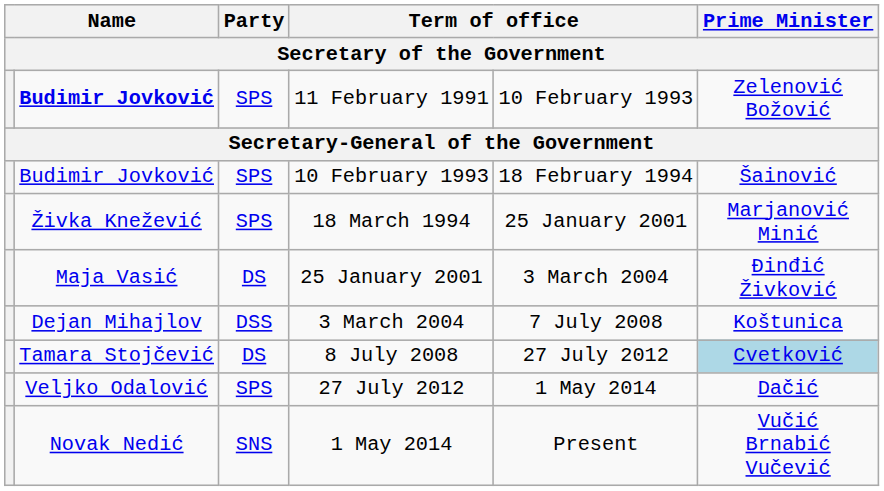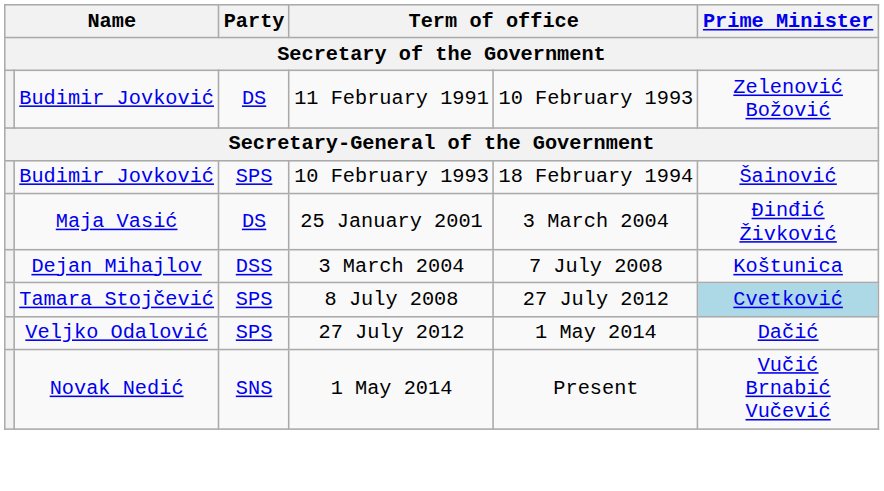 <table class="wikitable" style="text-align:center;">
 <tr>
 <th colspan=2>Name<br></th>
 <th>Party</th>
 <th colspan=2>Term of office</th>
 <th><a href='#'>Prime Minister</a><br></th>
 </tr>
 <tr>
 <th colspan=6>Secretary of the Government</th>
 </tr>
 <tr>
 <th style="background:"></th>
-<td><strong><a href='#'>Budimir Jovković</a><br></strong></td>
-<td><a href='#'>SPS</a></td>
+<td><a href='#'>Budimir Jovković</a><br></td>
+<td><a href='#'>DS</a></td>
 <td>11 February 1991</td>
 <td>10 February 1993</td>
 <td><a href='#'>Zelenović</a> <br><a href='#'>Božović</a> </td>
 </tr>
 <tr>
 <th colspan=6>Secretary-General of the Government</th>
 </tr>
 <tr>
 <th style="background:"></th>
 <td><a href='#'>Budimir Jovković</a><br></td>
 <td><a href='#'>SPS</a></td>
 <td>10 February 1993</td>
 <td>18 February 1994</td>
 <td><a href='#'>Šainović</a> </td>
-</tr>
-<tr>
-<th style="background:"></th>
-<td><a href='#'>Živka Knežević</a></td>
-<td><a href='#'>SPS</a></td>
-<td>18 March 1994</td>
-<td>25 January 2001</td>
-<td><a href='#'>Marjanović</a> <br><a href='#'>Minić</a> </td>
 </tr>
 <tr>
 <th style="background:"></th>
 <td><a href='#'>Maja Vasić</a><br></td>
 <td><a href='#'>DS</a></td>
 <td>25 January 2001</td>
 <td>3 March 2004</td>
 <td><a href='#'>Đinđić</a> <br><a href='#'>Živković</a> </td>
 </tr>
 <tr>
 <th style="background:"></th>
 <td><a href='#'>Dejan Mihajlov</a><br></td>
 <td><a href='#'>DSS</a></td>
 <td>3 March 2004</td>
 <td>7 July 2008</td>
 <td><a href='#'>Koštunica</a> </td>
 </tr>
 <tr>
 <th style="background:"></th>
 <td><a href='#'>Tamara Stojčević</a><br></td>
-<td><a href='#'>DS</a></td>
+<td><a href='#'>SPS</a></td>
 <td>8 July 2008</td>
 <td>27 July 2012</td>
 <td style="background: lightblue;"><a href='#'>Cvetković</a> </td>
 </tr>
 <tr>
 <th style="background:"></th>
 <td><a href='#'>Veljko Odalović</a><br></td>
 <td><a href='#'>SPS</a></td>
 <td>27 July 2012</td>
 <td>1 May 2014</td>
 <td><a href='#'>Dačić</a> </td>
 </tr>
 <tr>
 <th style="background:"></th>
 <td><a href='#'>Novak Nedić</a><br></td>
 <td><a href='#'>SNS</a></td>
 <td>1 May 2014</td>
 <td>Present</td>
 <td><a href='#'>Vučić</a> <br><a href='#'>Brnabić</a> <br><a href='#'>Vučević</a> </td>
 </tr>
 </table>
